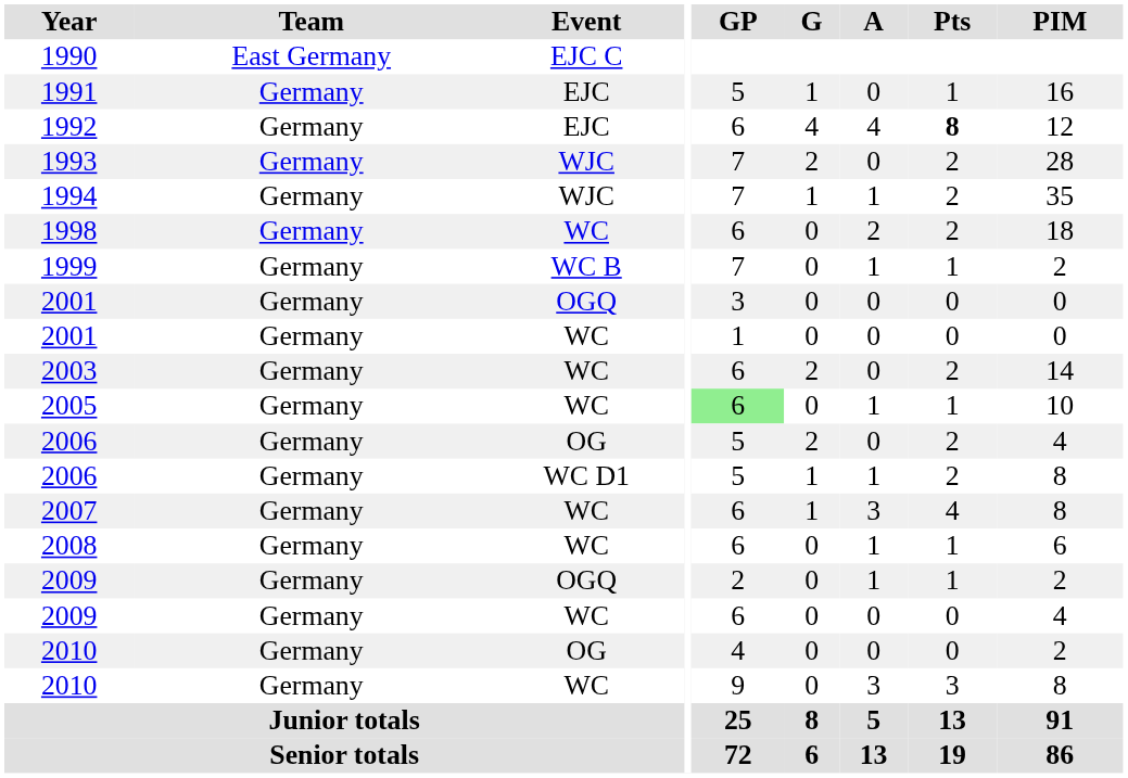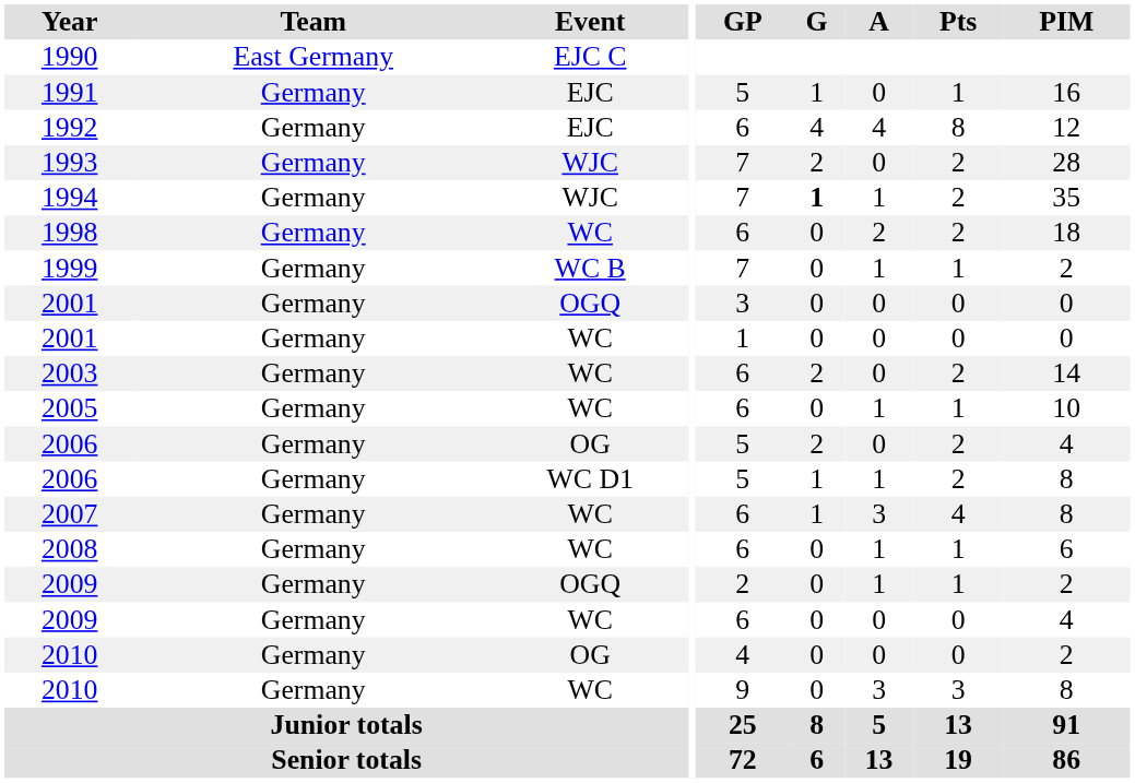 <table border="0" cellpadding="1" cellspacing="0" ID="Table3" style="text-align:center; width:40em">
 <tr ALIGN="center" bgcolor="#e0e0e0">
 <th>Year</th>
 <th>Team</th>
 <th>Event</th>
 <th rowspan="99" bgcolor="#ffffff"></th>
 <th>GP</th>
 <th>G</th>
 <th>A</th>
 <th>Pts</th>
 <th>PIM</th>
 </tr>
 <tr>
 <td><a href='#'>1990</a></td>
 <td><a href='#'>East Germany</a></td>
 <td><a href='#'>EJC C</a></td>
 <td></td>
 <td></td>
 <td></td>
 <td></td>
 <td></td>
 </tr>
 <tr bgcolor="#f0f0f0">
 <td><a href='#'>1991</a></td>
 <td><a href='#'>Germany</a></td>
 <td>EJC</td>
 <td>5</td>
 <td>1</td>
 <td>0</td>
 <td>1</td>
 <td>16</td>
 </tr>
 <tr>
 <td><a href='#'>1992</a></td>
 <td>Germany</td>
 <td>EJC</td>
 <td>6</td>
 <td>4</td>
 <td>4</td>
-<td><strong>8</strong></td>
+<td>8</td>
 <td>12</td>
 </tr>
 <tr bgcolor="#f0f0f0">
 <td><a href='#'>1993</a></td>
 <td><a href='#'>Germany</a></td>
 <td><a href='#'>WJC</a></td>
 <td>7</td>
 <td>2</td>
 <td>0</td>
 <td>2</td>
 <td>28</td>
 </tr>
 <tr>
 <td><a href='#'>1994</a></td>
 <td>Germany</td>
 <td>WJC</td>
 <td>7</td>
-<td>1</td>
+<td><strong>1</strong></td>
 <td>1</td>
 <td>2</td>
 <td>35</td>
 </tr>
 <tr bgcolor="#f0f0f0">
 <td><a href='#'>1998</a></td>
 <td><a href='#'>Germany</a></td>
 <td><a href='#'>WC</a></td>
 <td>6</td>
 <td>0</td>
 <td>2</td>
 <td>2</td>
 <td>18</td>
 </tr>
 <tr>
 <td><a href='#'>1999</a></td>
 <td>Germany</td>
 <td><a href='#'>WC B</a></td>
 <td>7</td>
 <td>0</td>
 <td>1</td>
 <td>1</td>
 <td>2</td>
 </tr>
 <tr bgcolor="#f0f0f0">
 <td><a href='#'>2001</a></td>
 <td>Germany</td>
 <td><a href='#'>OGQ</a></td>
 <td>3</td>
 <td>0</td>
 <td>0</td>
 <td>0</td>
 <td>0</td>
 </tr>
 <tr>
 <td><a href='#'>2001</a></td>
 <td>Germany</td>
 <td>WC</td>
 <td>1</td>
 <td>0</td>
 <td>0</td>
 <td>0</td>
 <td>0</td>
 </tr>
 <tr bgcolor="#f0f0f0">
 <td><a href='#'>2003</a></td>
 <td>Germany</td>
 <td>WC</td>
 <td>6</td>
 <td>2</td>
 <td>0</td>
 <td>2</td>
 <td>14</td>
 </tr>
 <tr>
 <td><a href='#'>2005</a></td>
 <td>Germany</td>
 <td>WC</td>
-<td style="background: lightgreen;">6</td>
+<td>6</td>
 <td>0</td>
 <td>1</td>
 <td>1</td>
 <td>10</td>
 </tr>
 <tr bgcolor="#f0f0f0">
 <td><a href='#'>2006</a></td>
 <td>Germany</td>
 <td>OG</td>
 <td>5</td>
 <td>2</td>
 <td>0</td>
 <td>2</td>
 <td>4</td>
 </tr>
 <tr>
 <td><a href='#'>2006</a></td>
 <td>Germany</td>
 <td>WC D1</td>
 <td>5</td>
 <td>1</td>
 <td>1</td>
 <td>2</td>
 <td>8</td>
 </tr>
 <tr bgcolor="#f0f0f0">
 <td><a href='#'>2007</a></td>
 <td>Germany</td>
 <td>WC</td>
 <td>6</td>
 <td>1</td>
 <td>3</td>
 <td>4</td>
 <td>8</td>
 </tr>
 <tr>
 <td><a href='#'>2008</a></td>
 <td>Germany</td>
 <td>WC</td>
 <td>6</td>
 <td>0</td>
 <td>1</td>
 <td>1</td>
 <td>6</td>
 </tr>
 <tr bgcolor="#f0f0f0">
 <td><a href='#'>2009</a></td>
 <td>Germany</td>
 <td>OGQ</td>
 <td>2</td>
 <td>0</td>
 <td>1</td>
 <td>1</td>
 <td>2</td>
 </tr>
 <tr>
 <td><a href='#'>2009</a></td>
 <td>Germany</td>
 <td>WC</td>
 <td>6</td>
 <td>0</td>
 <td>0</td>
 <td>0</td>
 <td>4</td>
 </tr>
 <tr bgcolor="#f0f0f0">
 <td><a href='#'>2010</a></td>
 <td>Germany</td>
 <td>OG</td>
 <td>4</td>
 <td>0</td>
 <td>0</td>
 <td>0</td>
 <td>2</td>
 </tr>
 <tr>
 <td><a href='#'>2010</a></td>
 <td>Germany</td>
 <td>WC</td>
 <td>9</td>
 <td>0</td>
 <td>3</td>
 <td>3</td>
 <td>8</td>
 </tr>
 <tr bgcolor="#e0e0e0">
 <th colspan="3">Junior totals</th>
 <th>25</th>
 <th>8</th>
 <th>5</th>
 <th>13</th>
 <th>91</th>
 </tr>
 <tr bgcolor="#e0e0e0">
 <th colspan="3">Senior totals</th>
 <th>72</th>
 <th>6</th>
 <th>13</th>
 <th>19</th>
 <th>86</th>
 </tr>
 </table>
